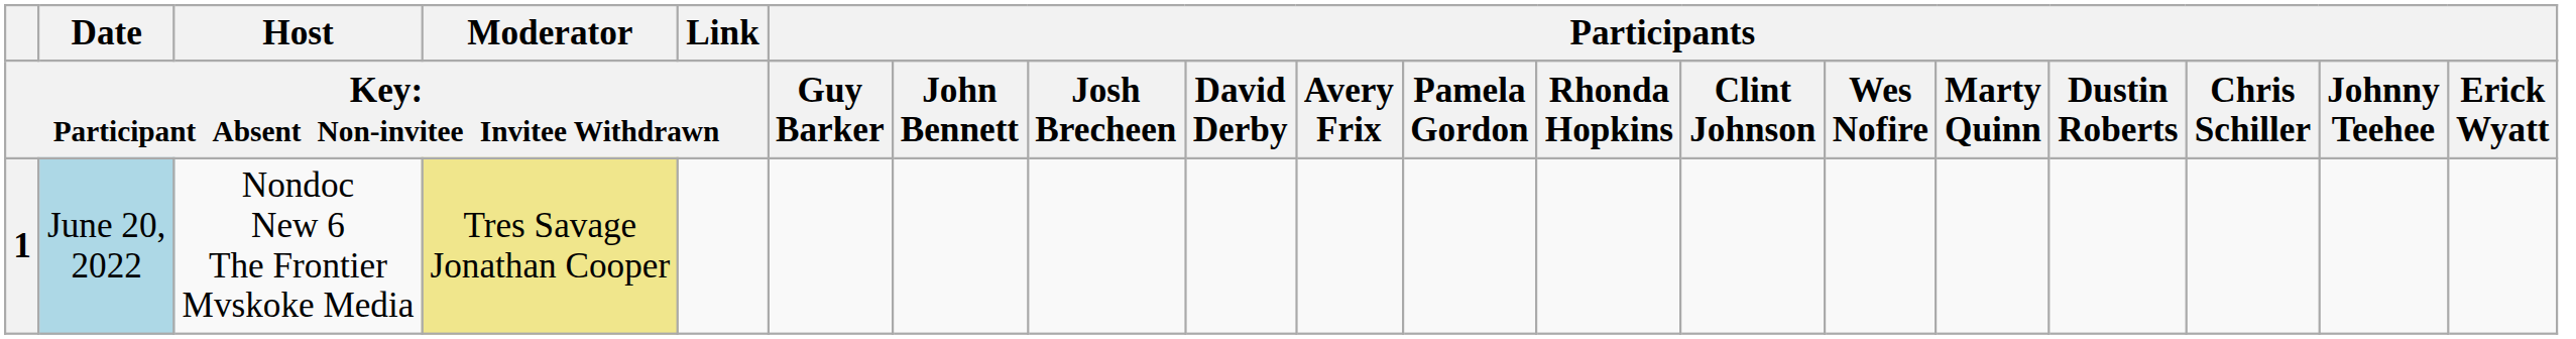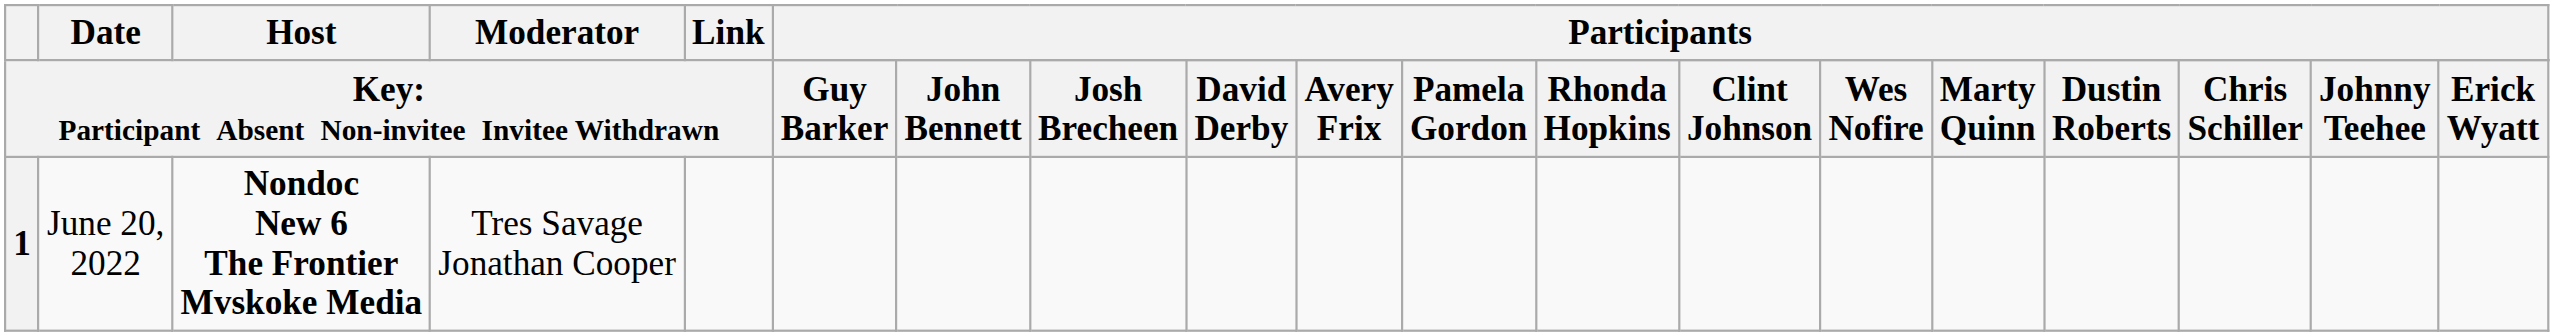 <table class="wikitable" style="text-align:center;">
 <tr>
 <th scope="col"></th>
 <th scope="col">Date</th>
 <th scope="col">Host</th>
 <th scope="col">Moderator</th>
 <th scope="col">Link</th>
 <th colspan="14" scope="col">Participants</th>
 </tr>
 <tr>
 <th colspan="5" rowspan="2">Key:<br> <small>Participant </small>  <small>Absent </small>  <small>Non-invitee </small>  <small>Invitee  Withdrawn</small></th>
 </tr>
 <tr>
 <th scope="col">Guy<br>Barker</th>
 <th scope="col">John<br>Bennett</th>
 <th scope="col">Josh<br>Brecheen</th>
 <th scope="col">David<br>Derby</th>
 <th scope="col">Avery<br>Frix</th>
 <th scope="col">Pamela<br>Gordon</th>
 <th scope="col">Rhonda<br>Hopkins</th>
 <th scope="col">Clint<br>Johnson</th>
 <th scope="col">Wes<br>Nofire</th>
 <th scope="col">Marty<br>Quinn</th>
 <th scope="col">Dustin<br>Roberts</th>
 <th scope="col">Chris<br>Schiller</th>
 <th scope="col">Johnny<br>Teehee</th>
 <th scope="col">Erick<br>Wyatt</th>
 </tr>
 <tr>
 <th scope="row">1</th>
-<td style="background: lightblue; white-space:nowrap;">June 20,<br>2022</td>
-<td style="white-space:nowrap;">Nondoc<br>New 6<br>The Frontier<br>Mvskoke Media</td>
-<td style="background: khaki; white-space:nowrap;">Tres Savage<br>Jonathan Cooper</td>
+<td style="white-space:nowrap;">June 20,<br>2022</td>
+<td style="white-space:nowrap;"><strong>Nondoc<br>New 6<br>The Frontier<br>Mvskoke Media</strong></td>
+<td style="white-space:nowrap;">Tres Savage<br>Jonathan Cooper</td>
 <td style="white-space:nowrap;"></td>
 <td></td>
 <td></td>
 <td></td>
 <td></td>
 <td></td>
 <td></td>
 <td></td>
 <td></td>
 <td></td>
 <td></td>
 <td></td>
 <td></td>
 <td></td>
 <td></td>
 </tr>
 </table>
